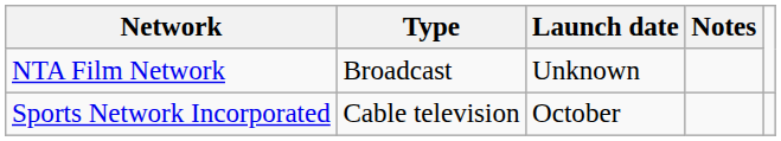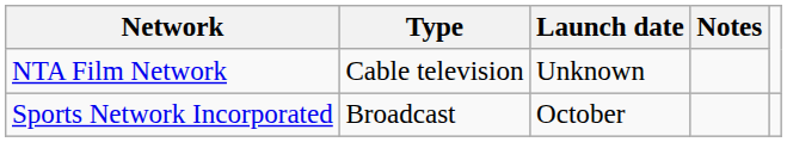 <table class="wikitable sortable">
 <tr>
 <th>Network</th>
 <th>Type</th>
 <th>Launch date</th>
 <th>Notes</th>
 </tr>
 <tr>
 <td><a href='#'>NTA Film Network</a></td>
-<td>Broadcast</td>
+<td>Cable television</td>
 <td>Unknown</td>
 <td></td>
 </tr>
 <tr>
 <td><a href='#'>Sports Network Incorporated</a></td>
-<td>Cable television</td>
+<td>Broadcast</td>
 <td>October</td>
 <td></td>
 <td></td>
 </tr>
 </table>
